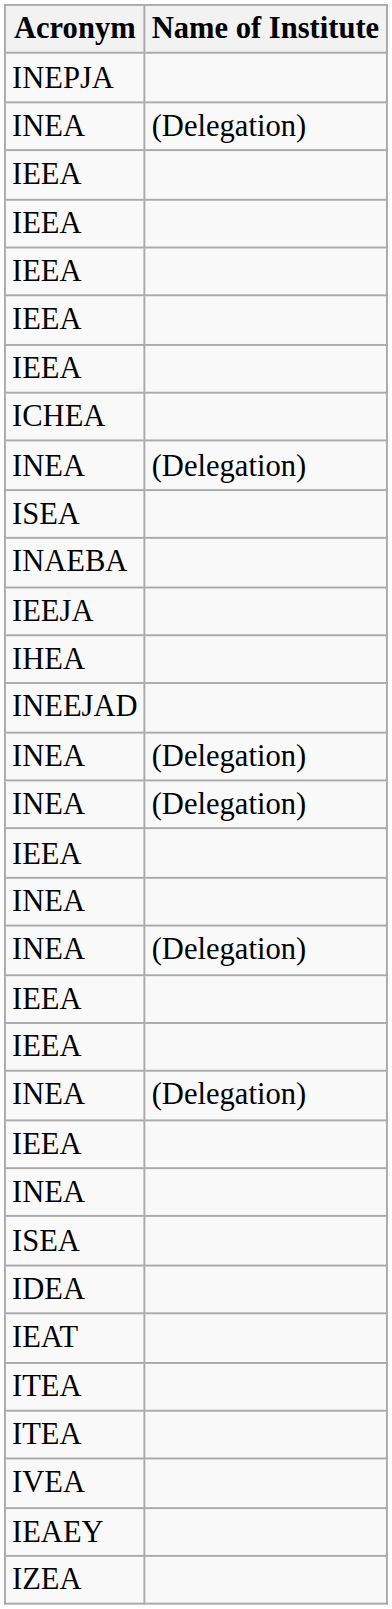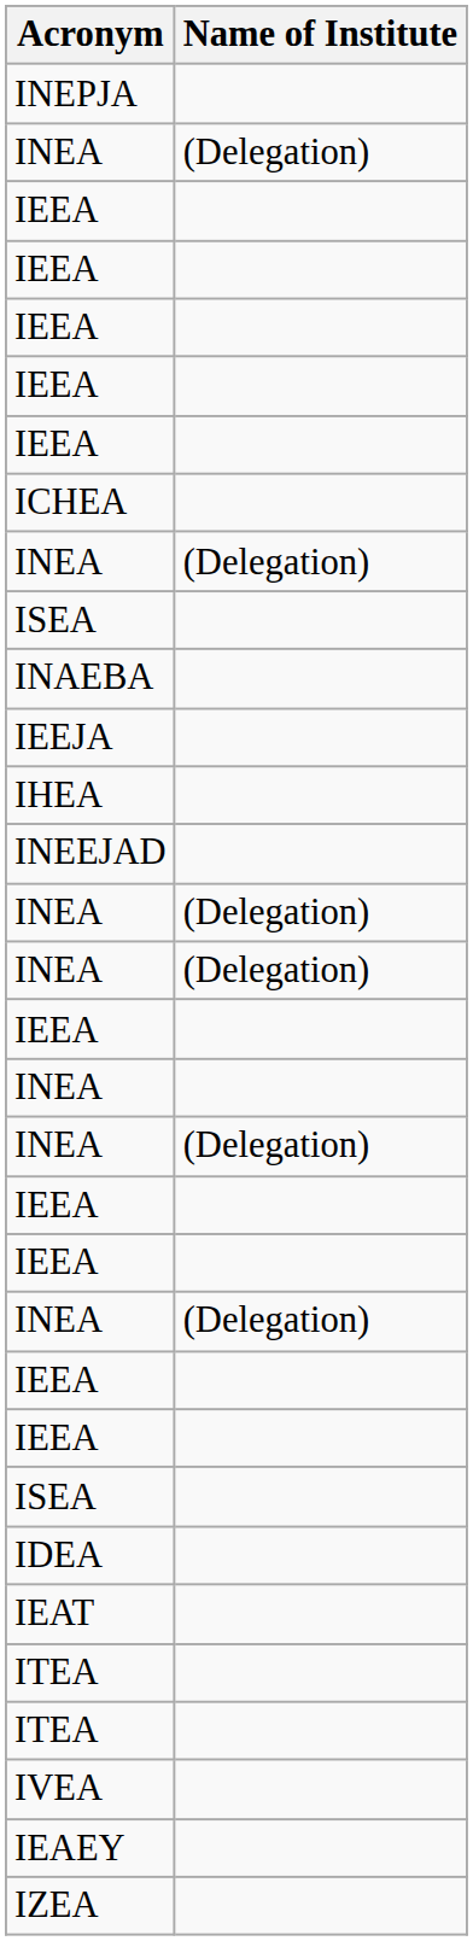 <table class="wikitable">
 <tr>
 <th>Acronym</th>
 <th>Name of Institute</th>
 </tr>
 <tr>
 <td>INEPJA</td>
 <td></td>
 </tr>
 <tr>
 <td>INEA</td>
 <td> (Delegation)</td>
 </tr>
 <tr>
 <td>IEEA</td>
 <td></td>
 </tr>
 <tr>
 <td>IEEA</td>
 <td></td>
 </tr>
 <tr>
 <td>IEEA</td>
 <td></td>
 </tr>
 <tr>
 <td>IEEA</td>
 <td></td>
 </tr>
 <tr>
 <td>IEEA</td>
 <td></td>
 </tr>
 <tr>
 <td>ICHEA</td>
 <td></td>
 </tr>
 <tr>
 <td>INEA</td>
 <td> (Delegation)</td>
 </tr>
 <tr>
 <td>ISEA</td>
 <td></td>
 </tr>
 <tr>
 <td>INAEBA</td>
 <td></td>
 </tr>
 <tr>
 <td>IEEJA</td>
 <td></td>
 </tr>
 <tr>
 <td>IHEA</td>
 <td> </td>
 </tr>
 <tr>
 <td>INEEJAD</td>
 <td></td>
 </tr>
 <tr>
 <td>INEA</td>
 <td> (Delegation)</td>
 </tr>
 <tr>
 <td>INEA</td>
 <td> (Delegation)</td>
 </tr>
 <tr>
 <td>IEEA</td>
 <td></td>
 </tr>
 <tr>
 <td>INEA</td>
 <td></td>
 </tr>
 <tr>
 <td>INEA</td>
 <td> (Delegation)</td>
 </tr>
 <tr>
 <td>IEEA</td>
 <td></td>
 </tr>
 <tr>
 <td>IEEA</td>
 <td></td>
 </tr>
 <tr>
 <td>INEA</td>
 <td> (Delegation)</td>
 </tr>
 <tr>
 <td>IEEA</td>
 <td></td>
 </tr>
 <tr>
-<td>INEA</td>
+<td>IEEA</td>
 <td></td>
 </tr>
 <tr>
 <td>ISEA</td>
 <td></td>
 </tr>
 <tr>
 <td>IDEA</td>
 <td></td>
 </tr>
 <tr>
 <td>IEAT</td>
 <td></td>
 </tr>
 <tr>
 <td>ITEA</td>
 <td> </td>
 </tr>
 <tr>
 <td>ITEA</td>
 <td></td>
 </tr>
 <tr>
 <td>IVEA</td>
 <td></td>
 </tr>
 <tr>
 <td>IEAEY</td>
 <td></td>
 </tr>
 <tr>
 <td>IZEA</td>
 <td></td>
 </tr>
 </table>
